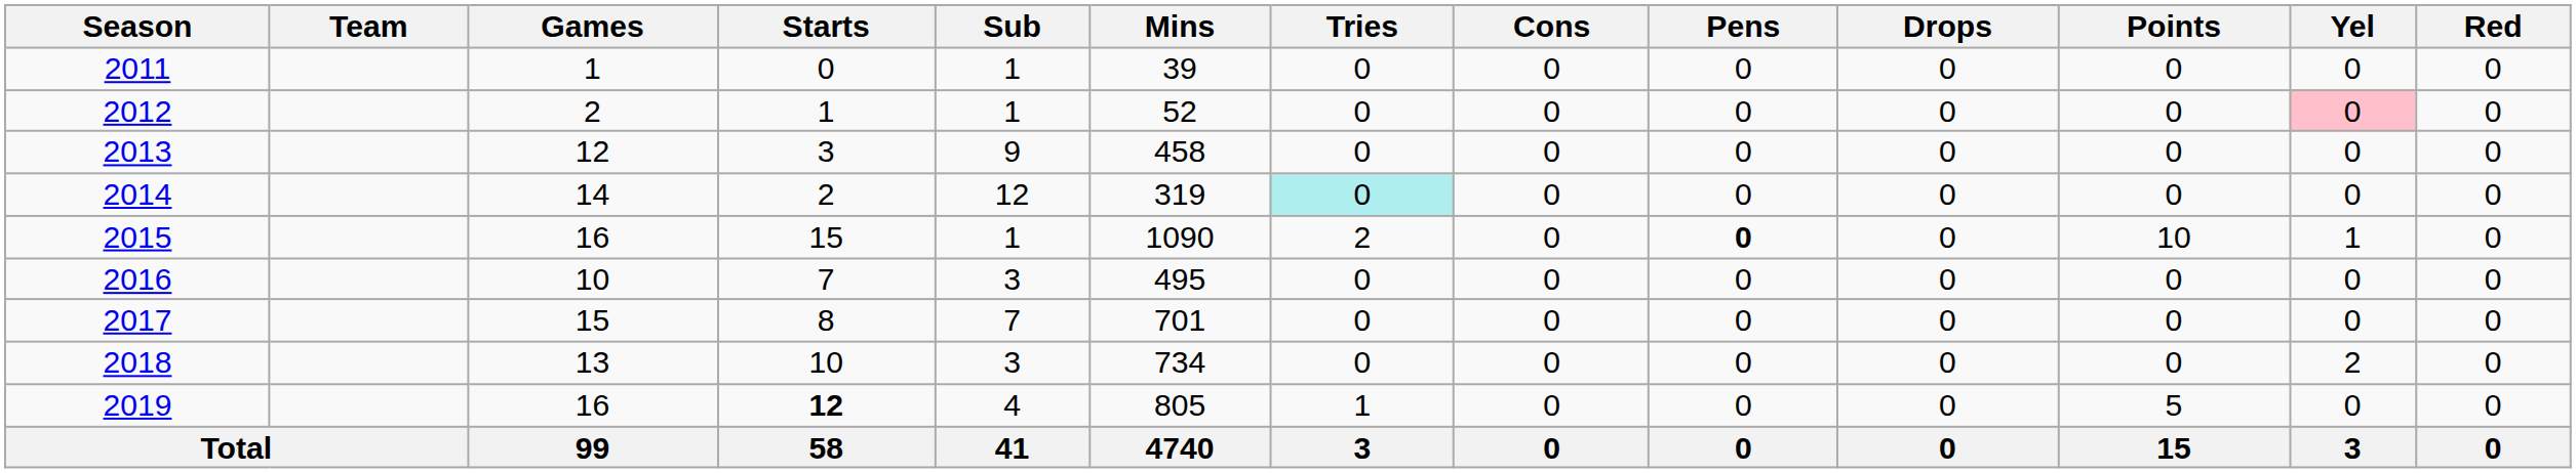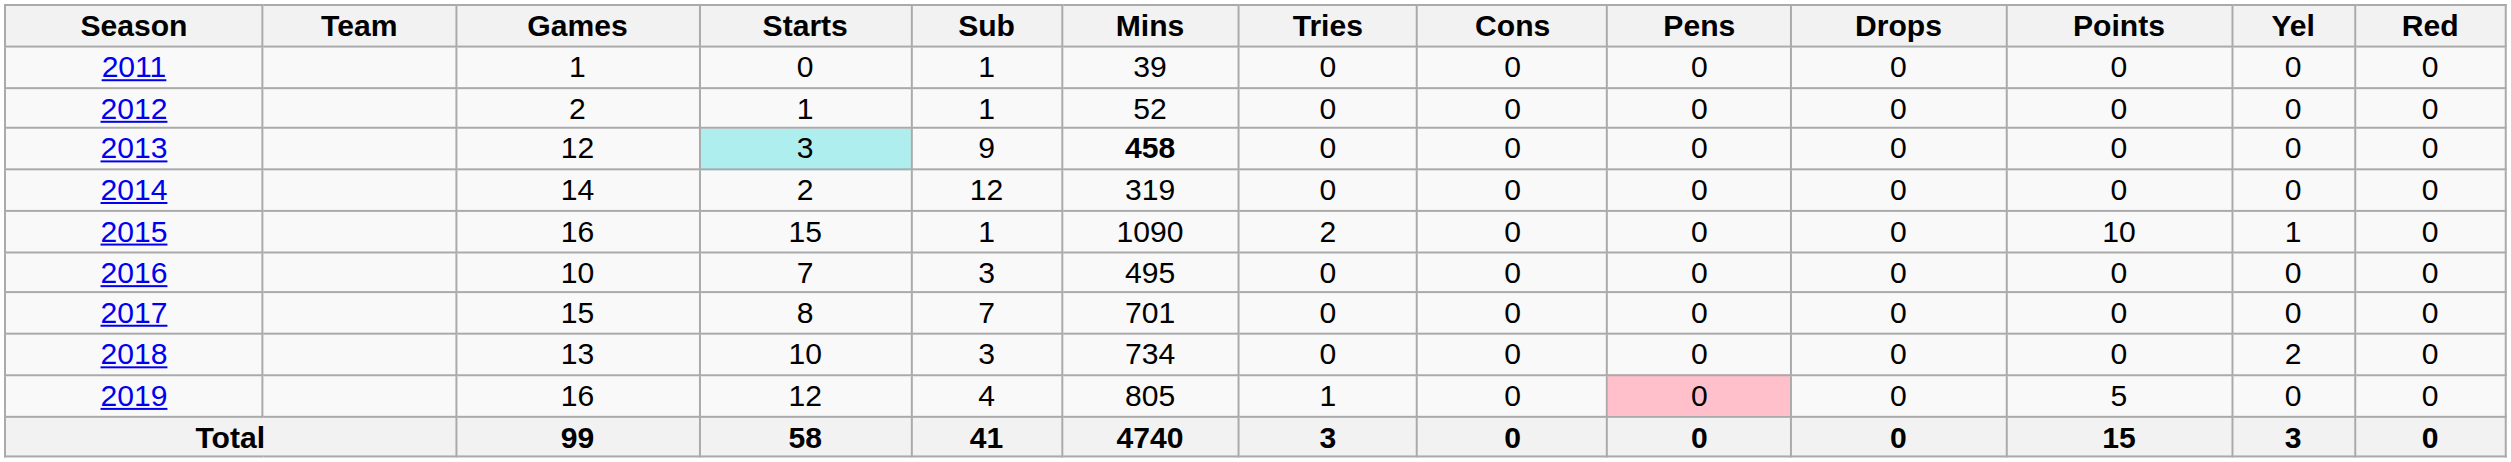 <table class="wikitable" style="text-align:center; line-height:90%; font-size:95%; width:100%;">
 <tr>
 <th>Season</th>
 <th>Team</th>
 <th>Games</th>
 <th>Starts</th>
 <th>Sub</th>
 <th>Mins</th>
 <th>Tries</th>
 <th>Cons</th>
 <th>Pens</th>
 <th>Drops</th>
 <th>Points</th>
 <th>Yel</th>
 <th>Red</th>
 </tr>
 <tr>
 <td><a href='#'>2011</a></td>
 <td></td>
 <td>1</td>
 <td>0</td>
 <td>1</td>
 <td>39</td>
 <td>0</td>
 <td>0</td>
 <td>0</td>
 <td>0</td>
 <td>0</td>
 <td>0</td>
 <td>0</td>
 </tr>
 <tr>
 <td><a href='#'>2012</a></td>
 <td></td>
 <td>2</td>
 <td>1</td>
 <td>1</td>
 <td>52</td>
 <td>0</td>
 <td>0</td>
 <td>0</td>
 <td>0</td>
 <td>0</td>
-<td style="background: pink;">0</td>
+<td>0</td>
 <td>0</td>
 </tr>
 <tr>
 <td><a href='#'>2013</a></td>
 <td></td>
 <td>12</td>
-<td>3</td>
+<td style="background: paleturquoise;">3</td>
 <td>9</td>
-<td>458</td>
+<td><strong>458</strong></td>
 <td>0</td>
 <td>0</td>
 <td>0</td>
 <td>0</td>
 <td>0</td>
 <td>0</td>
 <td>0</td>
 </tr>
 <tr>
 <td><a href='#'>2014</a></td>
 <td></td>
 <td>14</td>
 <td>2</td>
 <td>12</td>
 <td>319</td>
-<td style="background: paleturquoise;">0</td>
+<td>0</td>
 <td>0</td>
 <td>0</td>
 <td>0</td>
 <td>0</td>
 <td>0</td>
 <td>0</td>
 </tr>
 <tr>
 <td><a href='#'>2015</a></td>
 <td></td>
 <td>16</td>
 <td>15</td>
 <td>1</td>
 <td>1090</td>
 <td>2</td>
 <td>0</td>
-<td><strong>0</strong></td>
+<td>0</td>
 <td>0</td>
 <td>10</td>
 <td>1</td>
 <td>0</td>
 </tr>
 <tr>
 <td><a href='#'>2016</a></td>
 <td></td>
 <td>10</td>
 <td>7</td>
 <td>3</td>
 <td>495</td>
 <td>0</td>
 <td>0</td>
 <td>0</td>
 <td>0</td>
 <td>0</td>
 <td>0</td>
 <td>0</td>
 </tr>
 <tr>
 <td><a href='#'>2017</a></td>
 <td></td>
 <td>15</td>
 <td>8</td>
 <td>7</td>
 <td>701</td>
 <td>0</td>
 <td>0</td>
 <td>0</td>
 <td>0</td>
 <td>0</td>
 <td>0</td>
 <td>0</td>
 </tr>
 <tr>
 <td><a href='#'>2018</a></td>
 <td></td>
 <td>13</td>
 <td>10</td>
 <td>3</td>
 <td>734</td>
 <td>0</td>
 <td>0</td>
 <td>0</td>
 <td>0</td>
 <td>0</td>
 <td>2</td>
 <td>0</td>
 </tr>
 <tr>
 <td><a href='#'>2019</a></td>
 <td></td>
 <td>16</td>
-<td><strong>12</strong></td>
+<td>12</td>
 <td>4</td>
 <td>805</td>
 <td>1</td>
 <td>0</td>
-<td>0</td>
+<td style="background: pink;">0</td>
 <td>0</td>
 <td>5</td>
 <td>0</td>
 <td>0</td>
 </tr>
 <tr>
 <th colspan="2">Total</th>
 <th>99</th>
 <th>58</th>
 <th>41</th>
 <th>4740</th>
 <th>3</th>
 <th>0</th>
 <th>0</th>
 <th>0</th>
 <th>15</th>
 <th>3</th>
 <th>0</th>
 </tr>
 </table>
